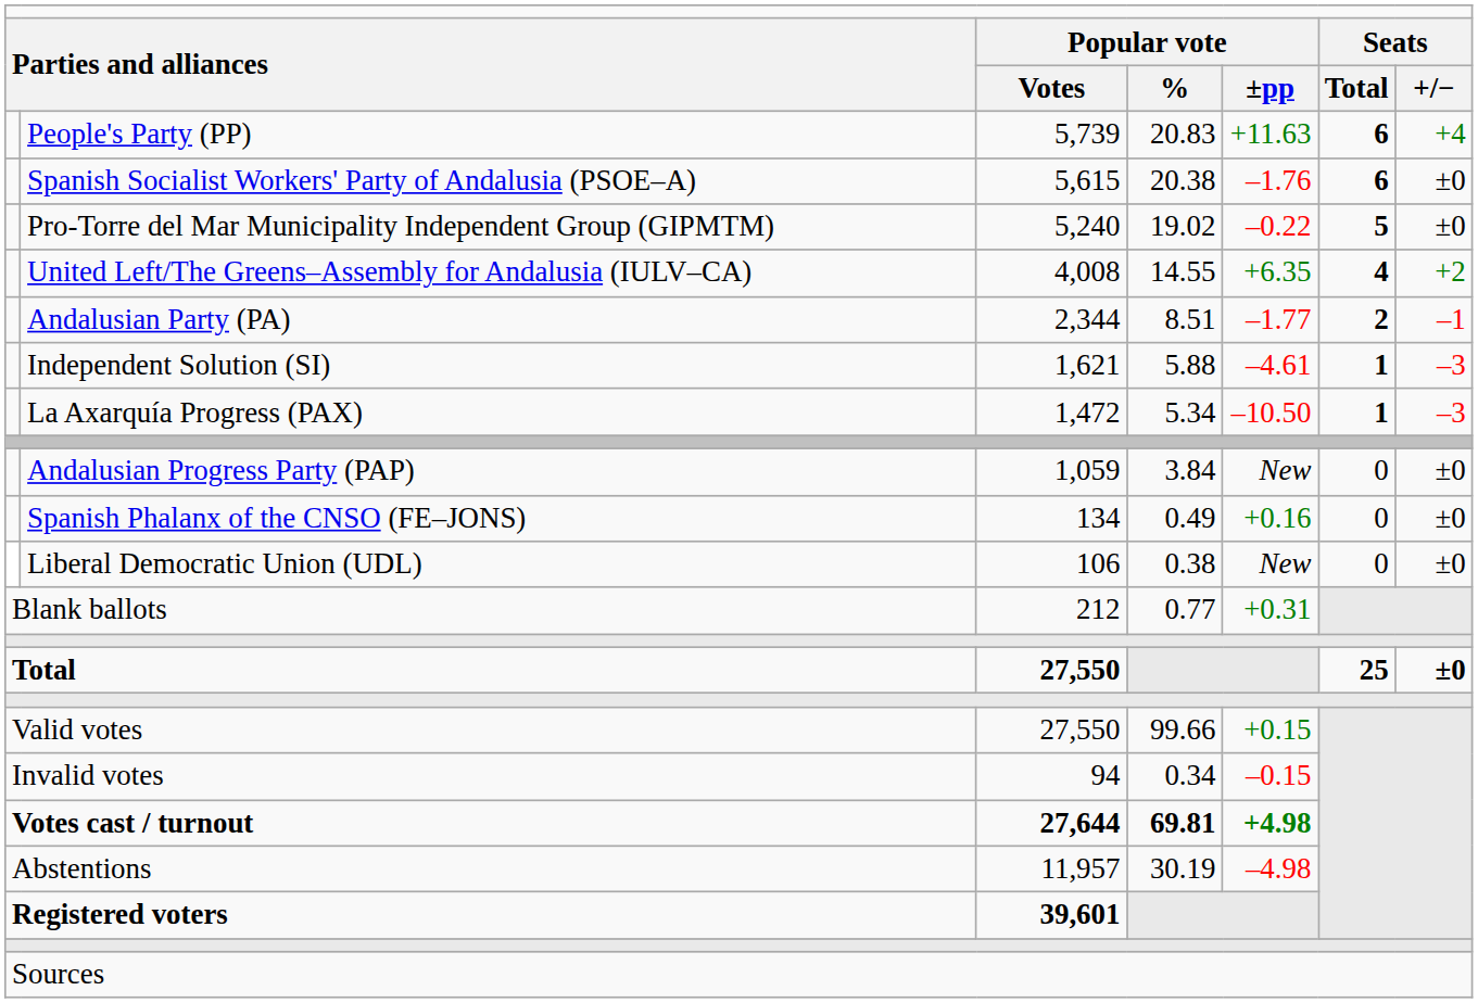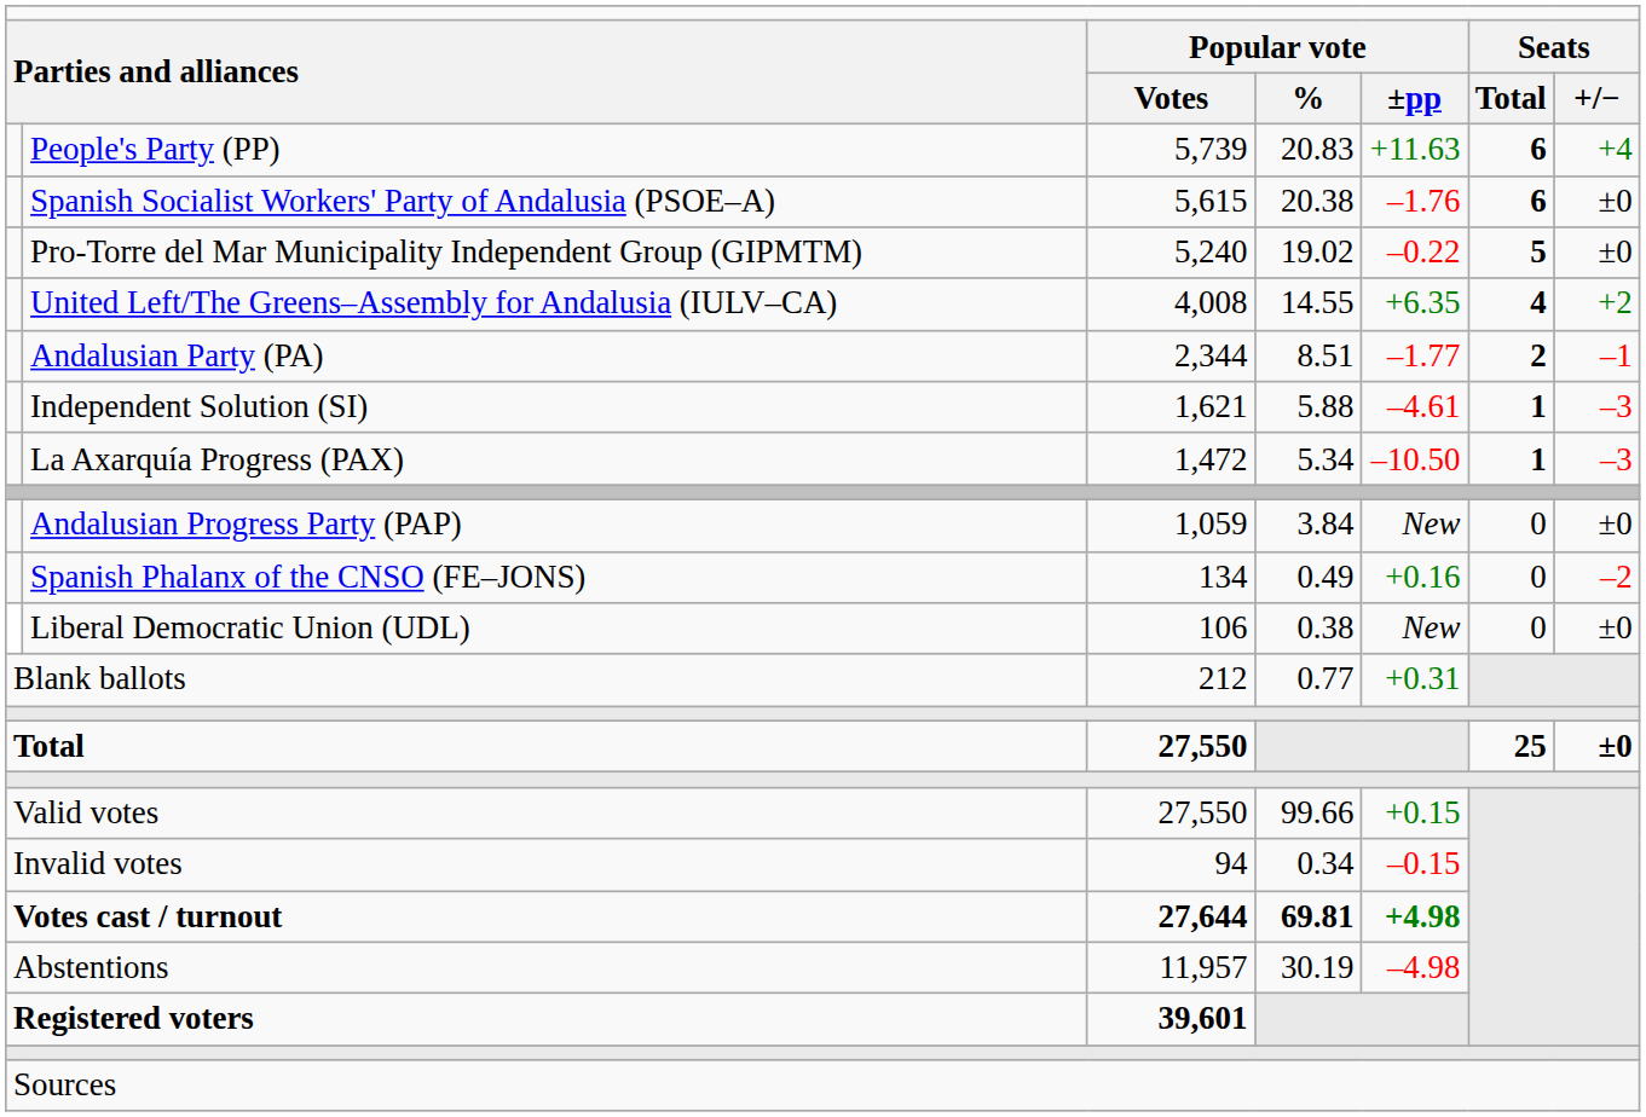 <table class="wikitable" style="text-align:right;">
 <tr>
 <td colspan="7"></td>
 </tr>
 <tr>
 <th style="text-align:left;" rowspan="2" colspan="2" width="525">Parties and alliances</th>
 <th colspan="3">Popular vote</th>
 <th colspan="2">Seats</th>
 </tr>
 <tr>
 <th width="75">Votes</th>
 <th width="45">%</th>
 <th width="45">±<a href='#'>pp</a></th>
 <th width="35">Total</th>
 <th width="35">+/−</th>
 </tr>
 <tr>
 <td width="1" style="color:inherit;background:"></td>
 <td align="left"><a href='#'>People's Party</a> (PP)</td>
 <td>5,739</td>
 <td>20.83</td>
 <td style="color:green;">+11.63</td>
 <td><strong>6</strong></td>
 <td style="color:green;">+4</td>
 </tr>
 <tr>
 <td style="color:inherit;background:"></td>
 <td align="left"><a href='#'>Spanish Socialist Workers' Party of Andalusia</a> (PSOE–A)</td>
 <td>5,615</td>
 <td>20.38</td>
 <td style="color:red;">–1.76</td>
 <td><strong>6</strong></td>
 <td>±0</td>
 </tr>
 <tr>
 <td style="color:inherit;background:"></td>
 <td align="left">Pro-Torre del Mar Municipality Independent Group (GIPMTM)</td>
 <td>5,240</td>
 <td>19.02</td>
 <td style="color:red;">–0.22</td>
 <td><strong>5</strong></td>
 <td>±0</td>
 </tr>
 <tr>
 <td style="color:inherit;background:"></td>
 <td align="left"><a href='#'>United Left/The Greens–Assembly for Andalusia</a> (IULV–CA)</td>
 <td>4,008</td>
 <td>14.55</td>
 <td style="color:green;">+6.35</td>
 <td><strong>4</strong></td>
 <td style="color:green;">+2</td>
 </tr>
 <tr>
 <td style="color:inherit;background:"></td>
 <td align="left"><a href='#'>Andalusian Party</a> (PA)</td>
 <td>2,344</td>
 <td>8.51</td>
 <td style="color:red;">–1.77</td>
 <td><strong>2</strong></td>
 <td style="color:red;">–1</td>
 </tr>
 <tr>
 <td style="color:inherit;background:"></td>
 <td align="left">Independent Solution (SI)</td>
 <td>1,621</td>
 <td>5.88</td>
 <td style="color:red;">–4.61</td>
 <td><strong>1</strong></td>
 <td style="color:red;">–3</td>
 </tr>
 <tr>
 <td style="color:inherit;background:"></td>
 <td align="left">La Axarquía Progress (PAX)</td>
 <td>1,472</td>
 <td>5.34</td>
 <td style="color:red;">–10.50</td>
 <td><strong>1</strong></td>
 <td style="color:red;">–3</td>
 </tr>
 <tr>
 <td colspan="7" bgcolor="#C0C0C0"></td>
 </tr>
 <tr>
 <td style="color:inherit;background:"></td>
 <td align="left"><a href='#'>Andalusian Progress Party</a> (PAP)</td>
 <td>1,059</td>
 <td>3.84</td>
 <td><em>New</em></td>
 <td>0</td>
 <td>±0</td>
 </tr>
 <tr>
 <td style="color:inherit;background:"></td>
 <td align="left"><a href='#'>Spanish Phalanx of the CNSO</a> (FE–JONS)</td>
 <td>134</td>
 <td>0.49</td>
 <td style="color:green;">+0.16</td>
 <td>0</td>
-<td>±0</td>
+<td style="color:red;">–2</td>
 </tr>
 <tr>
 <td bgcolor="white"></td>
 <td align="left">Liberal Democratic Union (UDL)</td>
 <td>106</td>
 <td>0.38</td>
 <td><em>New</em></td>
 <td>0</td>
 <td>±0</td>
 </tr>
 <tr>
 <td align="left" colspan="2">Blank ballots</td>
 <td>212</td>
 <td>0.77</td>
 <td style="color:green;">+0.31</td>
 <td bgcolor="#E9E9E9" colspan="2"></td>
 </tr>
 <tr>
 <td colspan="7" bgcolor="#E9E9E9"></td>
 </tr>
 <tr style="font-weight:bold;">
 <td align="left" colspan="2">Total</td>
 <td>27,550</td>
 <td bgcolor="#E9E9E9" colspan="2"></td>
 <td>25</td>
 <td>±0</td>
 </tr>
 <tr>
 <td colspan="7" bgcolor="#E9E9E9"></td>
 </tr>
 <tr>
 <td align="left" colspan="2">Valid votes</td>
 <td>27,550</td>
 <td>99.66</td>
 <td style="color:green;">+0.15</td>
 <td bgcolor="#E9E9E9" colspan="2" rowspan="5"></td>
 </tr>
 <tr>
 <td align="left" colspan="2">Invalid votes</td>
 <td>94</td>
 <td>0.34</td>
 <td style="color:red;">–0.15</td>
 </tr>
 <tr style="font-weight:bold;">
 <td align="left" colspan="2">Votes cast / turnout</td>
 <td>27,644</td>
 <td>69.81</td>
 <td style="color:green;">+4.98</td>
 </tr>
 <tr>
 <td align="left" colspan="2">Abstentions</td>
 <td>11,957</td>
 <td>30.19</td>
 <td style="color:red;">–4.98</td>
 </tr>
 <tr style="font-weight:bold;">
 <td align="left" colspan="2">Registered voters</td>
 <td>39,601</td>
 <td bgcolor="#E9E9E9" colspan="2"></td>
 </tr>
 <tr>
 <td colspan="7" bgcolor="#E9E9E9"></td>
 </tr>
 <tr>
 <td align="left" colspan="7">Sources</td>
 </tr>
 </table>
